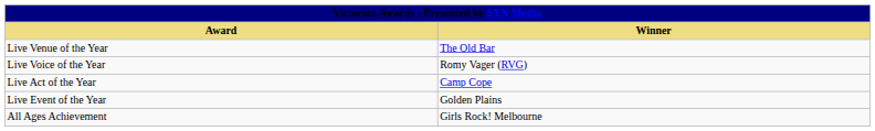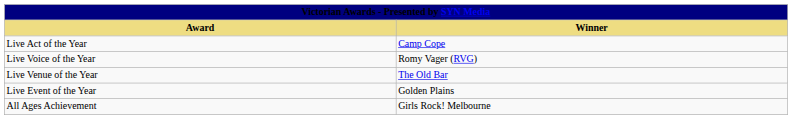 <table class="wikitable" width=100%>
 <tr>
 <th colspan="2" ! style="width:15%;background:navy">Victorian Awards - Presented by <a href='#'>SYN Media</a></th>
 </tr>
 <tr>
 <th style="width:10%;background:#EEDD82;">Award</th>
 <th style="width:10%;background:#EEDD82;">Winner</th>
 </tr>
 <tr>
-<td>Live Venue of the Year</td>
-<td><a href='#'>The Old Bar</a></td>
+<td>Live Act of the Year</td>
+<td><a href='#'>Camp Cope</a></td>
 </tr>
 <tr>
 <td>Live Voice of the Year</td>
 <td>Romy Vager (<a href='#'>RVG</a>)</td>
 </tr>
 <tr>
-<td>Live Act of the Year</td>
-<td><a href='#'>Camp Cope</a></td>
+<td>Live Venue of the Year</td>
+<td><a href='#'>The Old Bar</a></td>
 </tr>
 <tr>
 <td>Live Event of the Year</td>
 <td>Golden Plains</td>
 </tr>
 <tr>
 <td>All Ages Achievement</td>
 <td>Girls Rock! Melbourne</td>
 </tr>
 </table>
